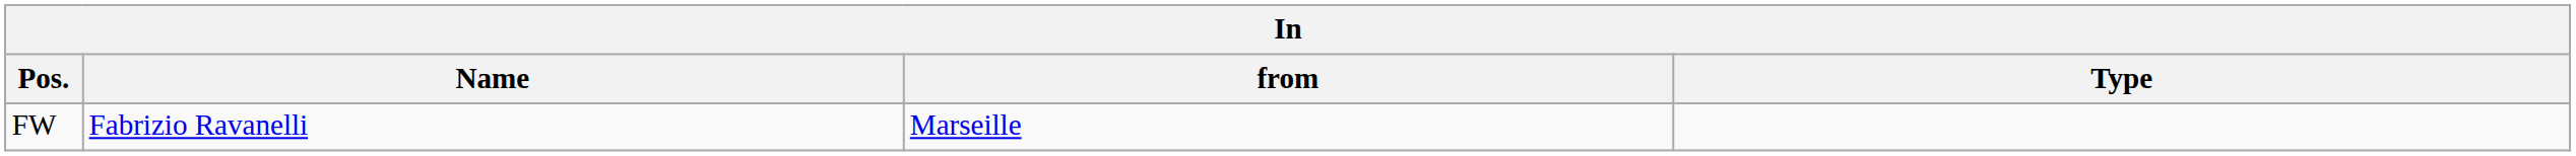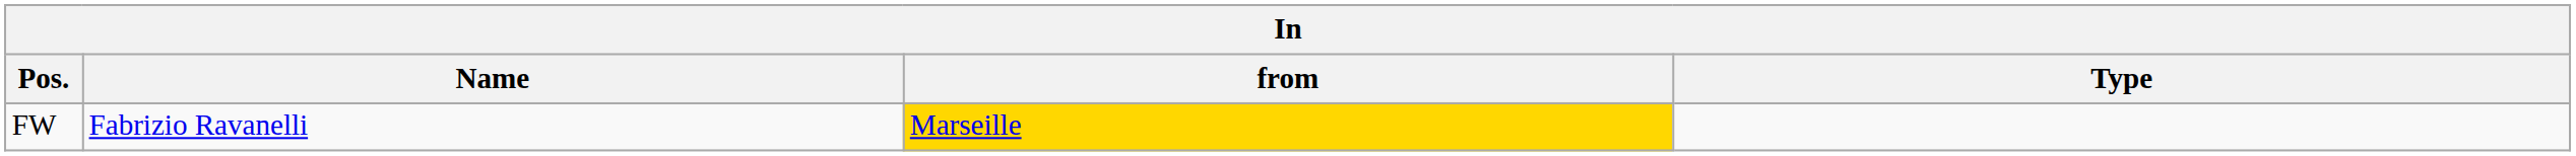 <table class="wikitable" style="font-size:90%;width:99%;">
 <tr>
 <th colspan="4">In</th>
 </tr>
 <tr>
 <th width=3%>Pos.</th>
 <th width=32%>Name</th>
 <th width=30%>from</th>
 <th width=35%>Type</th>
 </tr>
 <tr>
 <td>FW</td>
 <td><a href='#'>Fabrizio Ravanelli</a></td>
-<td><a href='#'>Marseille</a></td>
+<td style="background: gold;"><a href='#'>Marseille</a></td>
 <td></td>
 </tr>
 </table>
